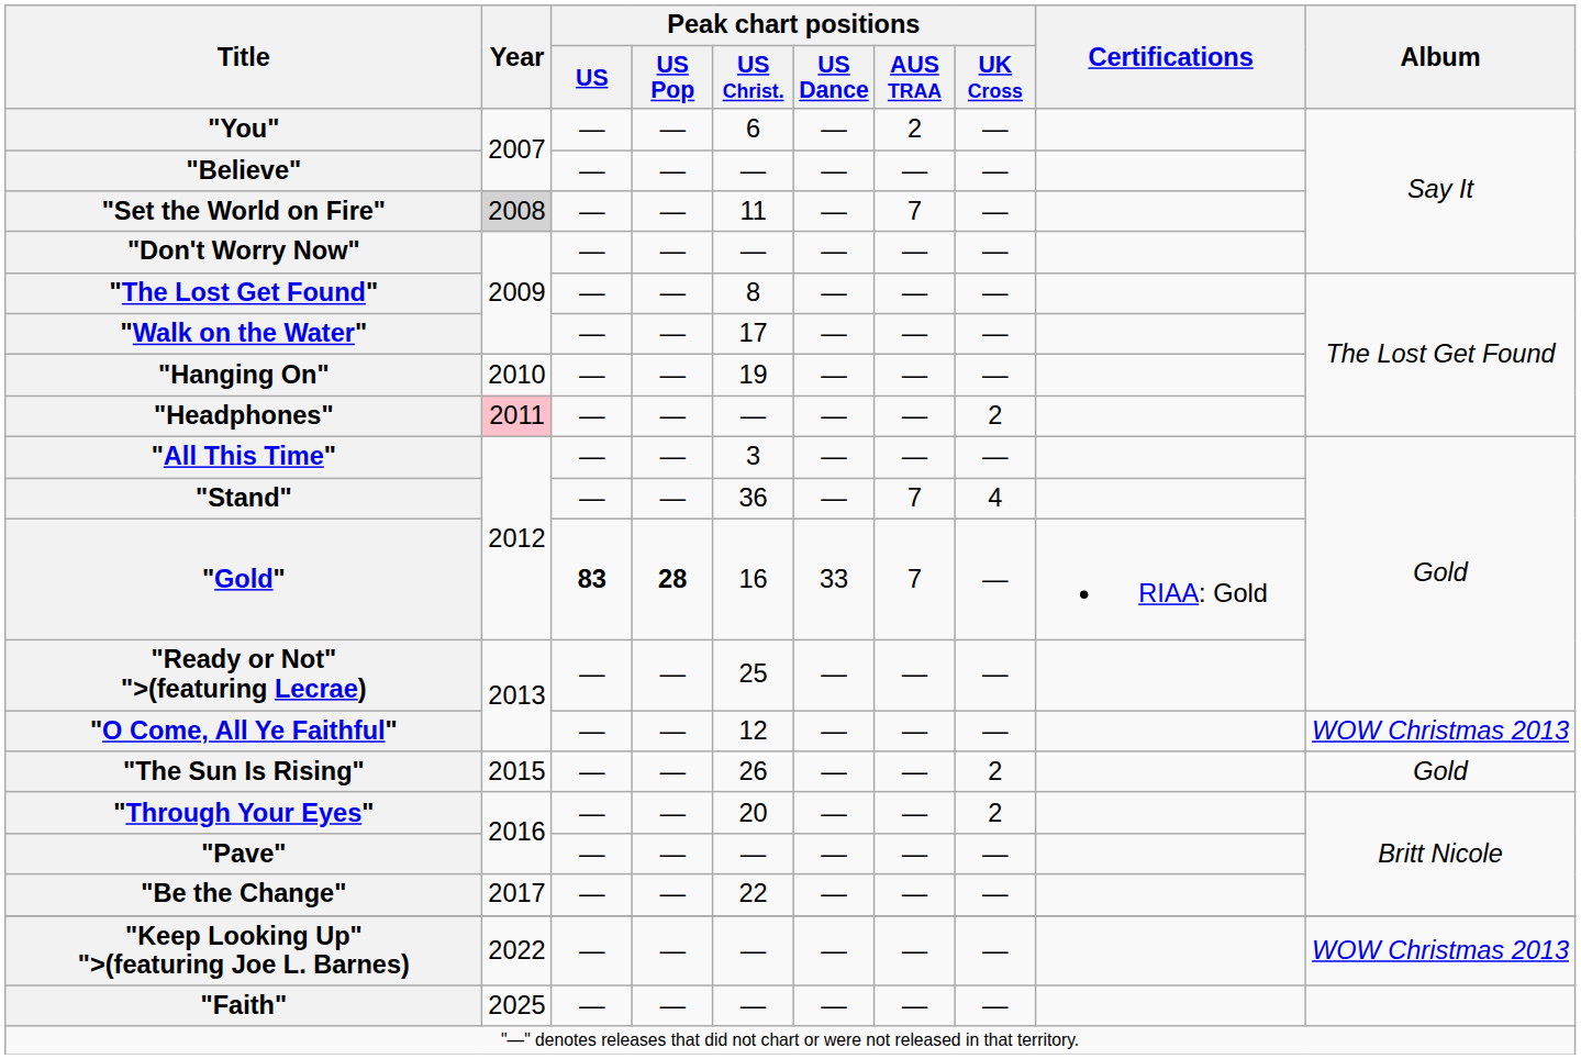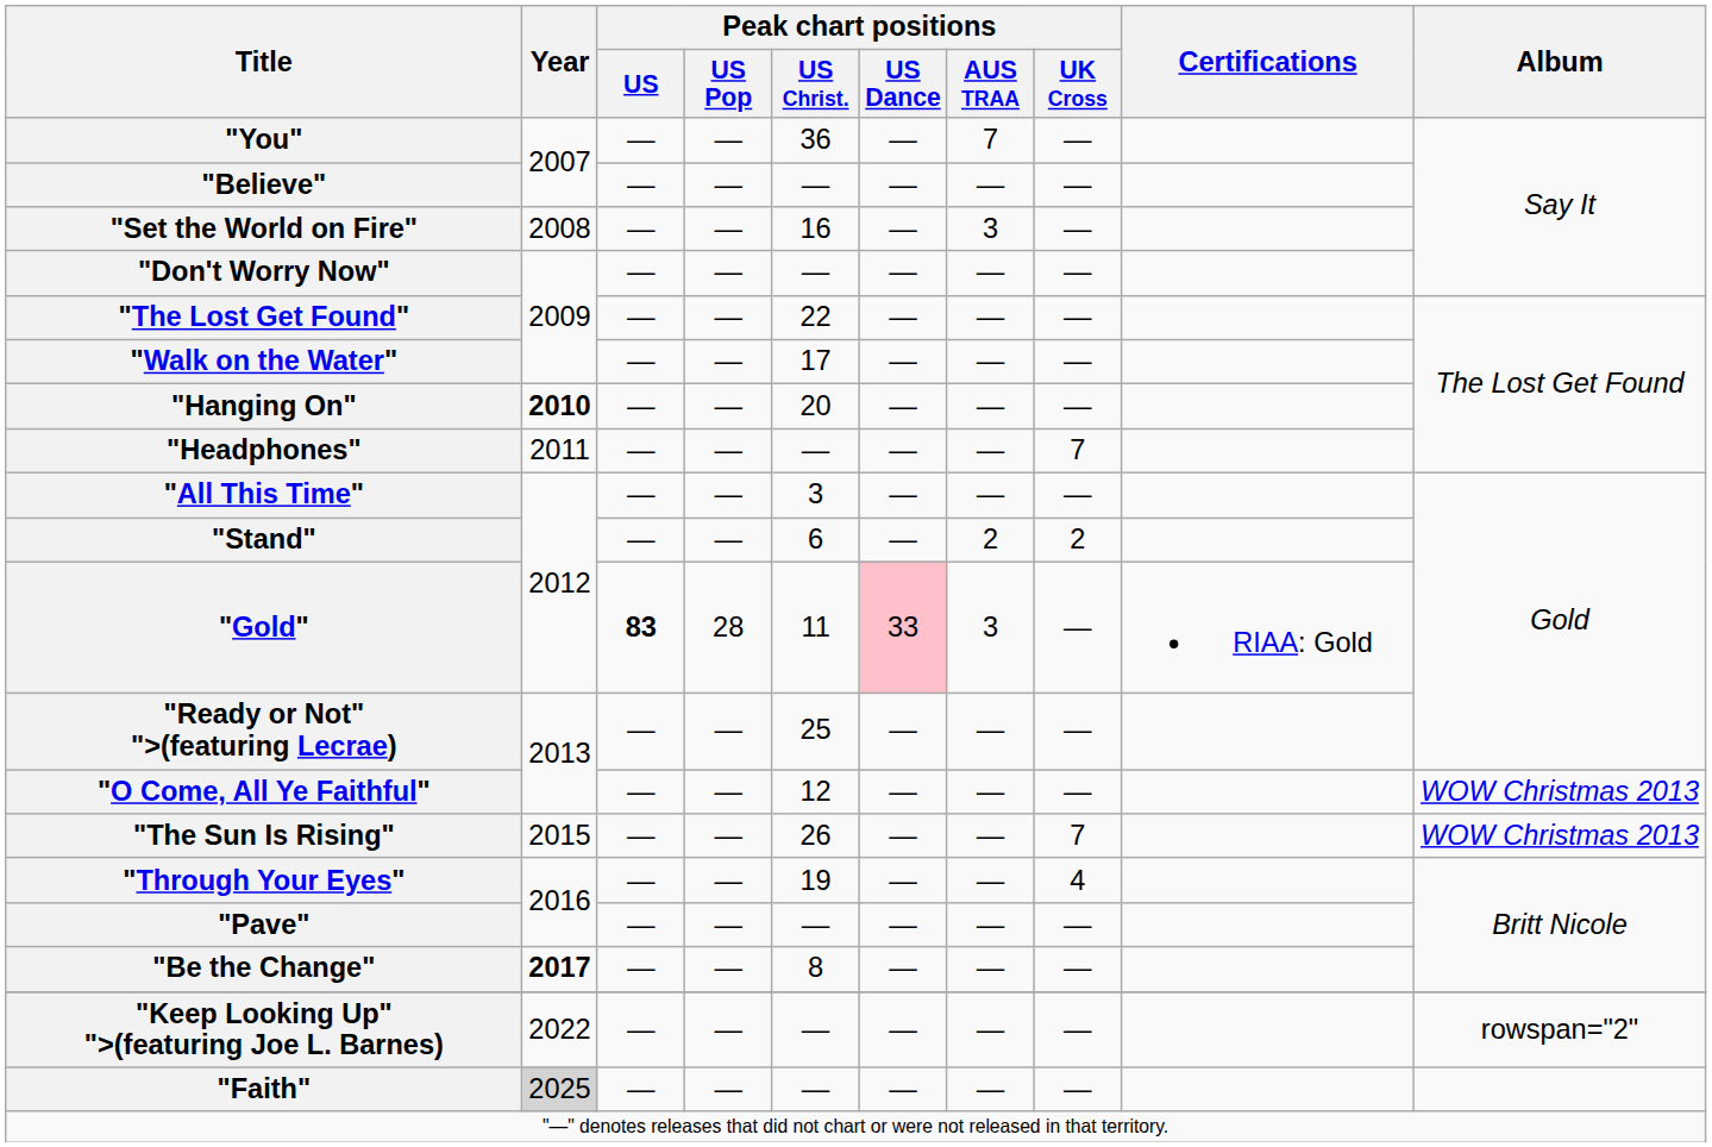 <table class="wikitable plainrowheaders" style="text-align:center;" border="1">
 <tr>
 <th scope="col" rowspan="2" style="width:18em;">Title</th>
 <th scope="col" rowspan="2">Year</th>
 <th scope="col" colspan="6">Peak chart positions</th>
 <th scope="col" rowspan="2" style="width:10em;"><a href='#'>Certifications</a></th>
 <th scope="col" rowspan="2">Album</th>
 </tr>
 <tr>
 <th scope="col" style="width:3em;font-size:90%;"><a href='#'>US</a><br></th>
 <th scope="col" style="width:3em;font-size:90%;"><a href='#'>US<br>Pop</a><br></th>
 <th scope="col" style="width:3em;font-size:90%;"><a href='#'>US<br><small>Christ.</small></a><br></th>
 <th scope="col" style="width:3em;font-size:90%;"><a href='#'>US<br>Dance</a><br></th>
 <th scope="col" style="width:3em;font-size:90%;"><a href='#'>AUS<br><small>TRAA</small></a><br></th>
 <th scope="col" style="width:3em;font-size:90%;"><a href='#'>UK<br><small>Cross</small></a><br></th>
 </tr>
 <tr>
 <th scope="row">"You"</th>
 <td rowspan="2">2007</td>
 <td>—</td>
 <td>—</td>
-<td>6</td>
+<td>36</td>
 <td>—</td>
-<td>2</td>
+<td>7</td>
 <td>—</td>
 <td></td>
 <td rowspan="4"><em>Say It</em></td>
 </tr>
 <tr>
 <th scope="row">"Believe"</th>
 <td>—</td>
 <td>—</td>
 <td>—</td>
 <td>—</td>
 <td>—</td>
 <td>—</td>
 <td></td>
 </tr>
 <tr>
 <th scope="row">"Set the World on Fire"</th>
-<td style="background: lightgrey;">2008</td>
+<td>2008</td>
 <td>—</td>
 <td>—</td>
-<td>11</td>
+<td>16</td>
 <td>—</td>
-<td>7</td>
+<td>3</td>
 <td>—</td>
 <td></td>
 </tr>
 <tr>
 <th scope="row">"Don't Worry Now"</th>
 <td rowspan="3">2009</td>
 <td>—</td>
 <td>—</td>
 <td>—</td>
 <td>—</td>
 <td>—</td>
 <td>—</td>
 <td></td>
 </tr>
 <tr>
 <th scope="row">"<a href='#'>The Lost Get Found</a>"</th>
 <td>—</td>
 <td>—</td>
-<td>8</td>
+<td>22</td>
 <td>—</td>
 <td>—</td>
 <td>—</td>
 <td></td>
 <td rowspan="4"><em>The Lost Get Found</em></td>
 </tr>
 <tr>
 <th scope="row">"<a href='#'>Walk on the Water</a>"</th>
 <td>—</td>
 <td>—</td>
 <td>17</td>
 <td>—</td>
 <td>—</td>
 <td>—</td>
 <td></td>
 </tr>
 <tr>
 <th scope="row">"Hanging On"</th>
-<td>2010</td>
+<td><strong>2010</strong></td>
 <td>—</td>
 <td>—</td>
-<td>19</td>
+<td>20</td>
 <td>—</td>
 <td>—</td>
 <td>—</td>
 <td></td>
 </tr>
 <tr>
 <th scope="row">"Headphones"</th>
-<td style="background: pink;">2011</td>
+<td>2011</td>
 <td>—</td>
 <td>—</td>
 <td>—</td>
 <td>—</td>
 <td>—</td>
-<td>2</td>
+<td>7</td>
 <td></td>
 </tr>
 <tr>
 <th scope="row">"<a href='#'>All This Time</a>"</th>
 <td rowspan="3">2012</td>
 <td>—</td>
 <td>—</td>
 <td>3</td>
 <td>—</td>
 <td>—</td>
 <td>—</td>
 <td></td>
 <td rowspan="4"><em>Gold</em></td>
 </tr>
 <tr>
 <th scope="row">"Stand"</th>
 <td>—</td>
 <td>—</td>
-<td>36</td>
+<td>6</td>
 <td>—</td>
-<td>7</td>
-<td>4</td>
+<td>2</td>
+<td>2</td>
 <td></td>
 </tr>
 <tr>
 <th scope="row">"<a href='#'>Gold</a>"</th>
 <td><strong>83</strong></td>
-<td><strong>28</strong></td>
-<td>16</td>
-<td>33</td>
-<td>7</td>
+<td>28</td>
+<td>11</td>
+<td style="background: pink;">33</td>
+<td>3</td>
 <td>—</td>
 <td><br><ul><li><a href='#'>RIAA</a>: Gold</li></ul></td>
 </tr>
 <tr>
 <th scope="row">"Ready or Not"<br><span>">(featuring <a href='#'>Lecrae</a>)</span></th>
 <td rowspan="2">2013</td>
 <td>—</td>
 <td>—</td>
 <td>25</td>
 <td>—</td>
 <td>—</td>
 <td>—</td>
 <td></td>
 </tr>
 <tr>
 <th scope="row">"<a href='#'>O Come, All Ye Faithful</a>"</th>
 <td>—</td>
 <td>—</td>
 <td>12</td>
 <td>—</td>
 <td>—</td>
 <td>—</td>
 <td></td>
 <td><em><a href='#'>WOW Christmas 2013</a></em></td>
 </tr>
 <tr>
 <th scope="row">"The Sun Is Rising"</th>
 <td>2015</td>
 <td>—</td>
 <td>—</td>
 <td>26</td>
 <td>—</td>
 <td>—</td>
-<td>2</td>
+<td>7</td>
 <td></td>
-<td><em>Gold</em></td>
+<td><em><a href='#'>WOW Christmas 2013</a></em></td>
 </tr>
 <tr>
 <th scope="row">"<a href='#'>Through Your Eyes</a>"</th>
 <td rowspan="2">2016</td>
 <td>—</td>
 <td>—</td>
-<td>20</td>
+<td>19</td>
 <td>—</td>
 <td>—</td>
-<td>2</td>
+<td>4</td>
 <td></td>
 <td rowspan="3"><em>Britt Nicole</em></td>
 </tr>
 <tr>
 <th scope="row">"Pave"</th>
 <td>—</td>
 <td>—</td>
 <td>—</td>
 <td>—</td>
 <td>—</td>
 <td>—</td>
 <td></td>
 </tr>
 <tr>
 <th scope="row">"Be the Change"</th>
-<td rowspan="1">2017</td>
+<td rowspan="1"><strong>2017</strong></td>
 <td>—</td>
 <td>—</td>
-<td>22</td>
+<td>8</td>
 <td>—</td>
 <td>—</td>
 <td>—</td>
 <td></td>
 </tr>
 <tr>
 </tr>
 <tr>
 <th scope="row">"Keep Looking Up" <br><span>">(featuring Joe L. Barnes)</span></th>
 <td rowspan="1">2022</td>
 <td>—</td>
 <td>—</td>
 <td>—</td>
 <td>—</td>
 <td>—</td>
 <td>—</td>
 <td></td>
-<td><em><a href='#'>WOW Christmas 2013</a></em></td>
+<td>rowspan="2" </td>
 </tr>
 <tr>
 <th scope="row">"Faith"</th>
-<td rowspan="1">2025</td>
+<td rowspan="1" style="background: lightgrey;">2025</td>
 <td>—</td>
 <td>—</td>
 <td>—</td>
 <td>—</td>
 <td>—</td>
 <td>—</td>
 <td></td>
 </tr>
 <tr>
 <td align="center" colspan="14" style="font-size:8pt">"—" denotes releases that did not chart or were not released in that territory.</td>
 </tr>
 </table>
